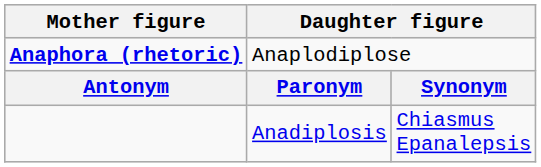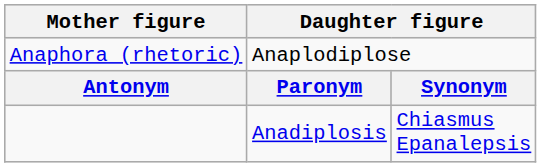 <table class="wikitable">
 <tr>
 <th>Mother figure</th>
 <th colspan="2">Daughter figure</th>
 </tr>
 <tr>
-<td><strong><a href='#'>Anaphora (rhetoric)</a></strong></td>
+<td><a href='#'>Anaphora (rhetoric)</a></td>
 <td colspan="2">Anaplodiplose</td>
 </tr>
 <tr>
 <th><a href='#'>Antonym</a></th>
 <th><a href='#'>Paronym</a></th>
 <th><a href='#'>Synonym</a></th>
 </tr>
 <tr>
 <td></td>
 <td><a href='#'>Anadiplosis</a></td>
 <td><a href='#'>Chiasmus</a><br><a href='#'>Epanalepsis</a></td>
 </tr>
 </table>
